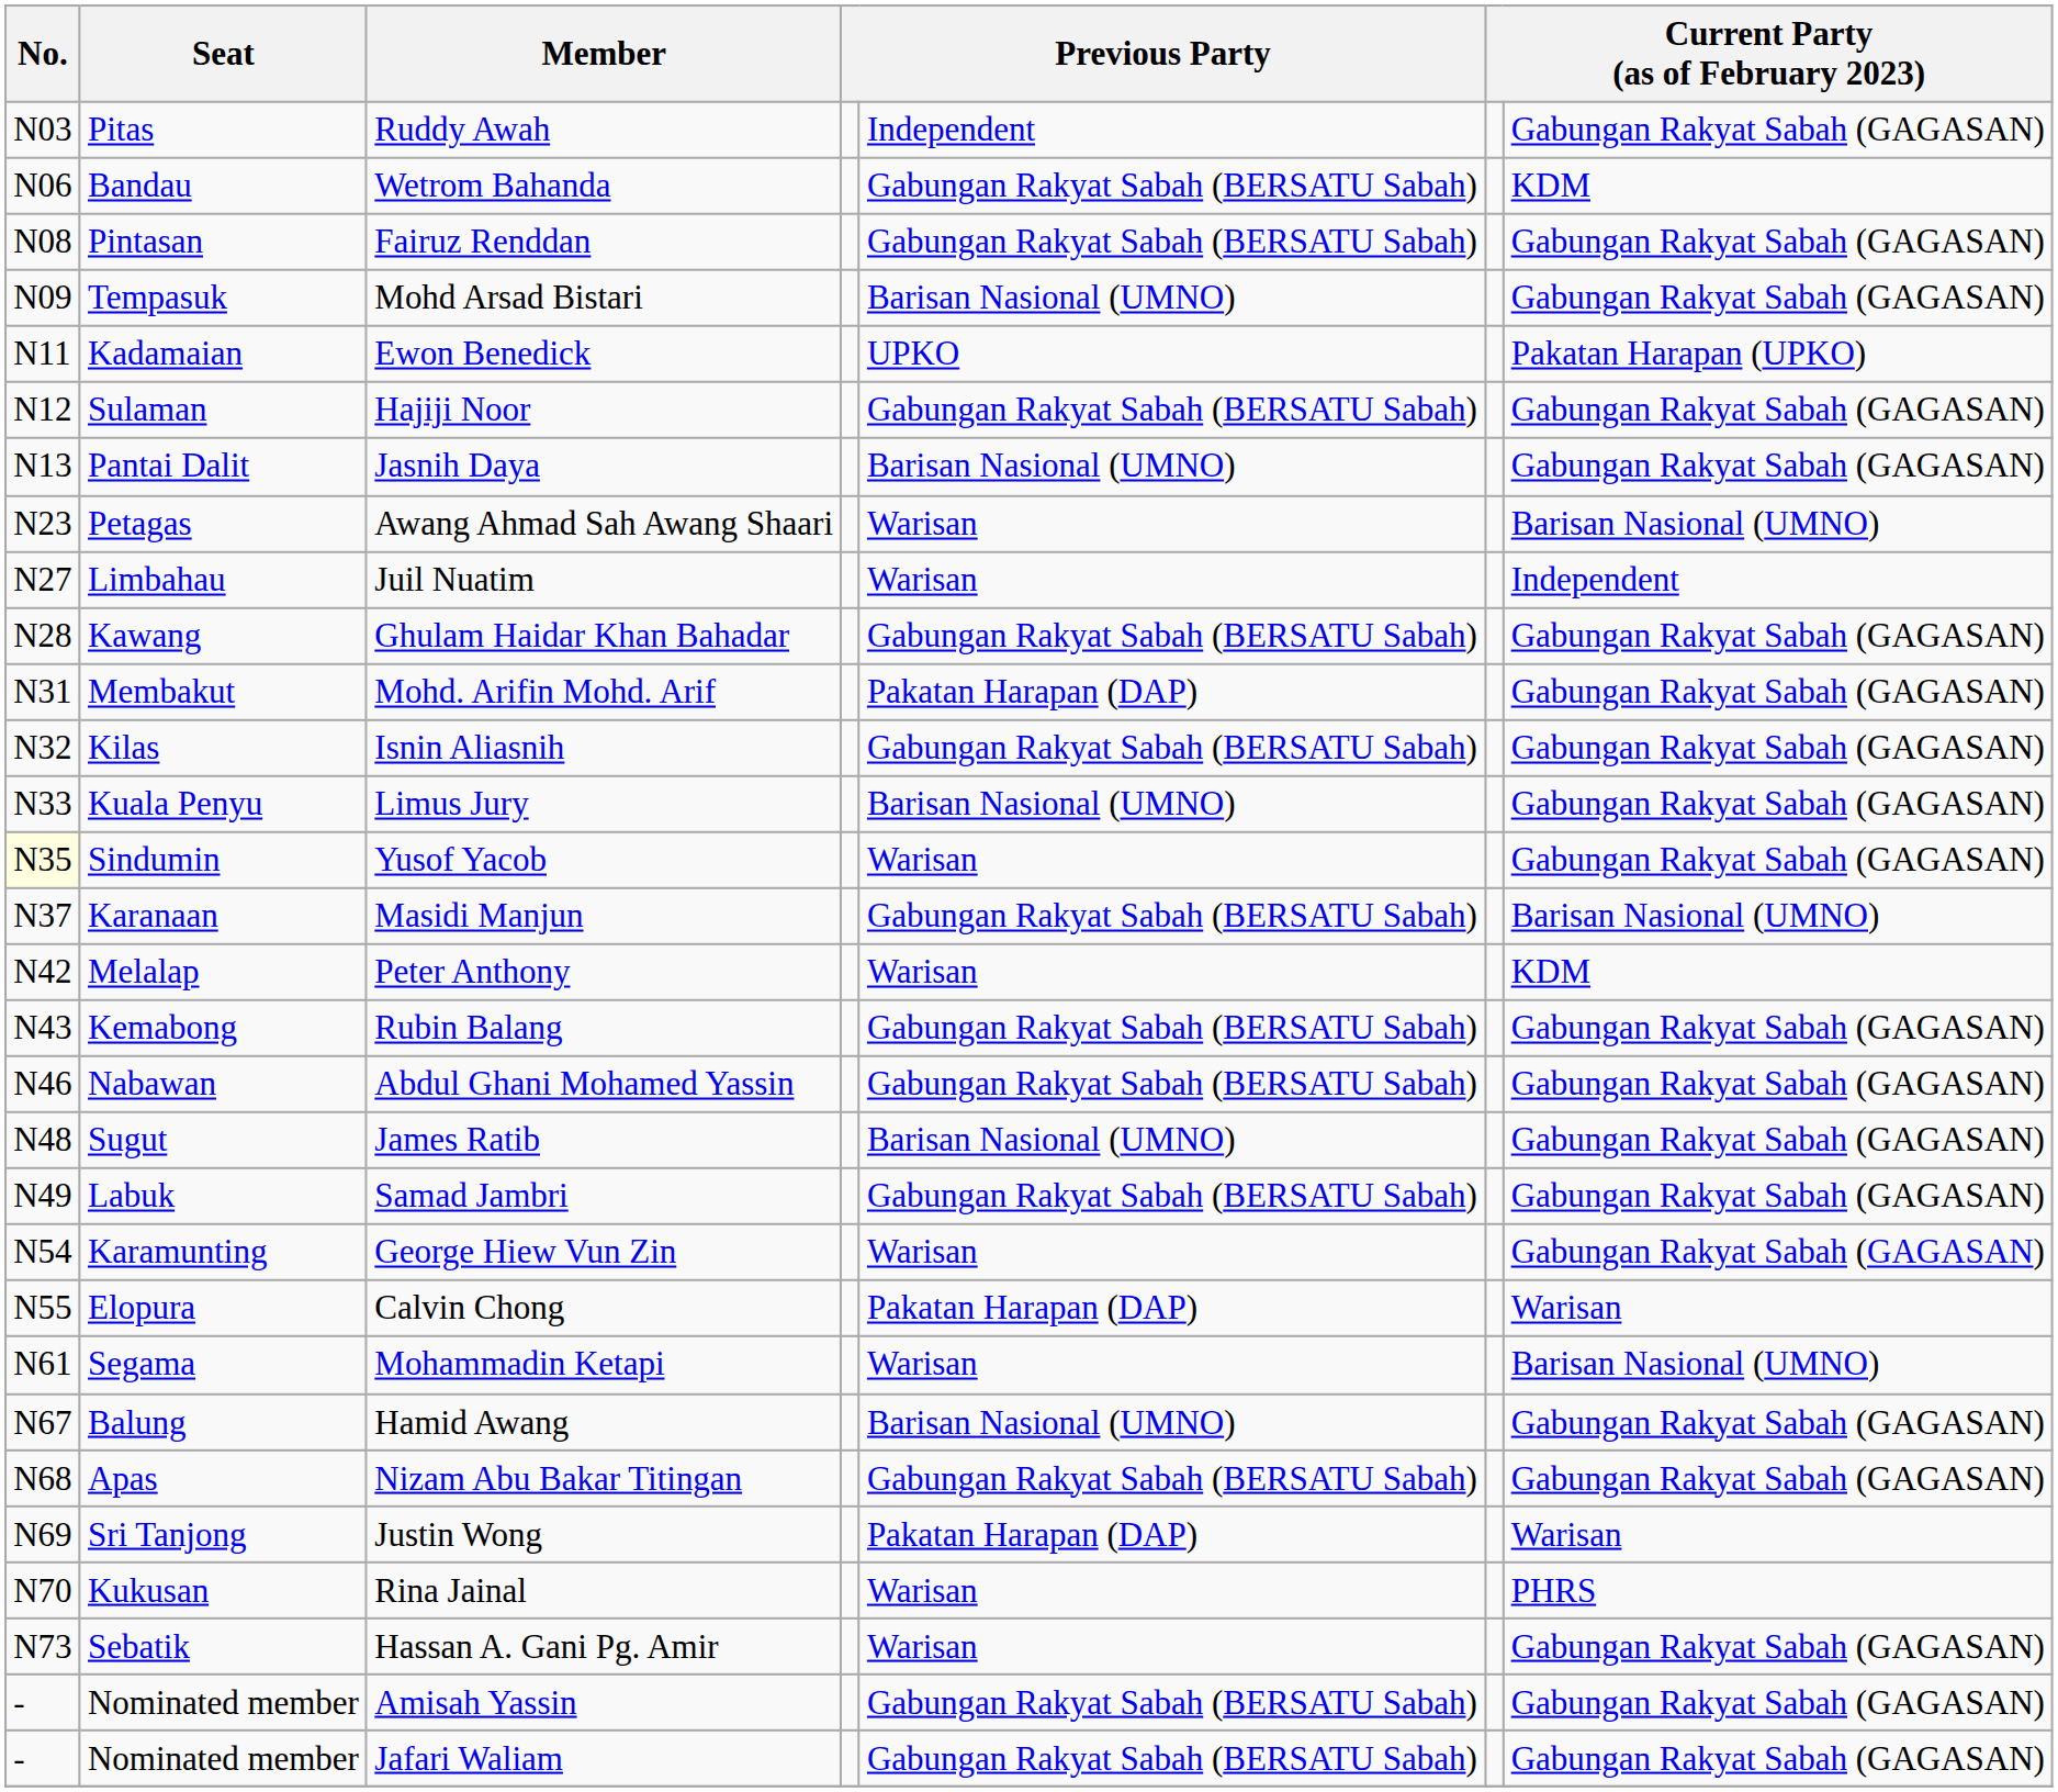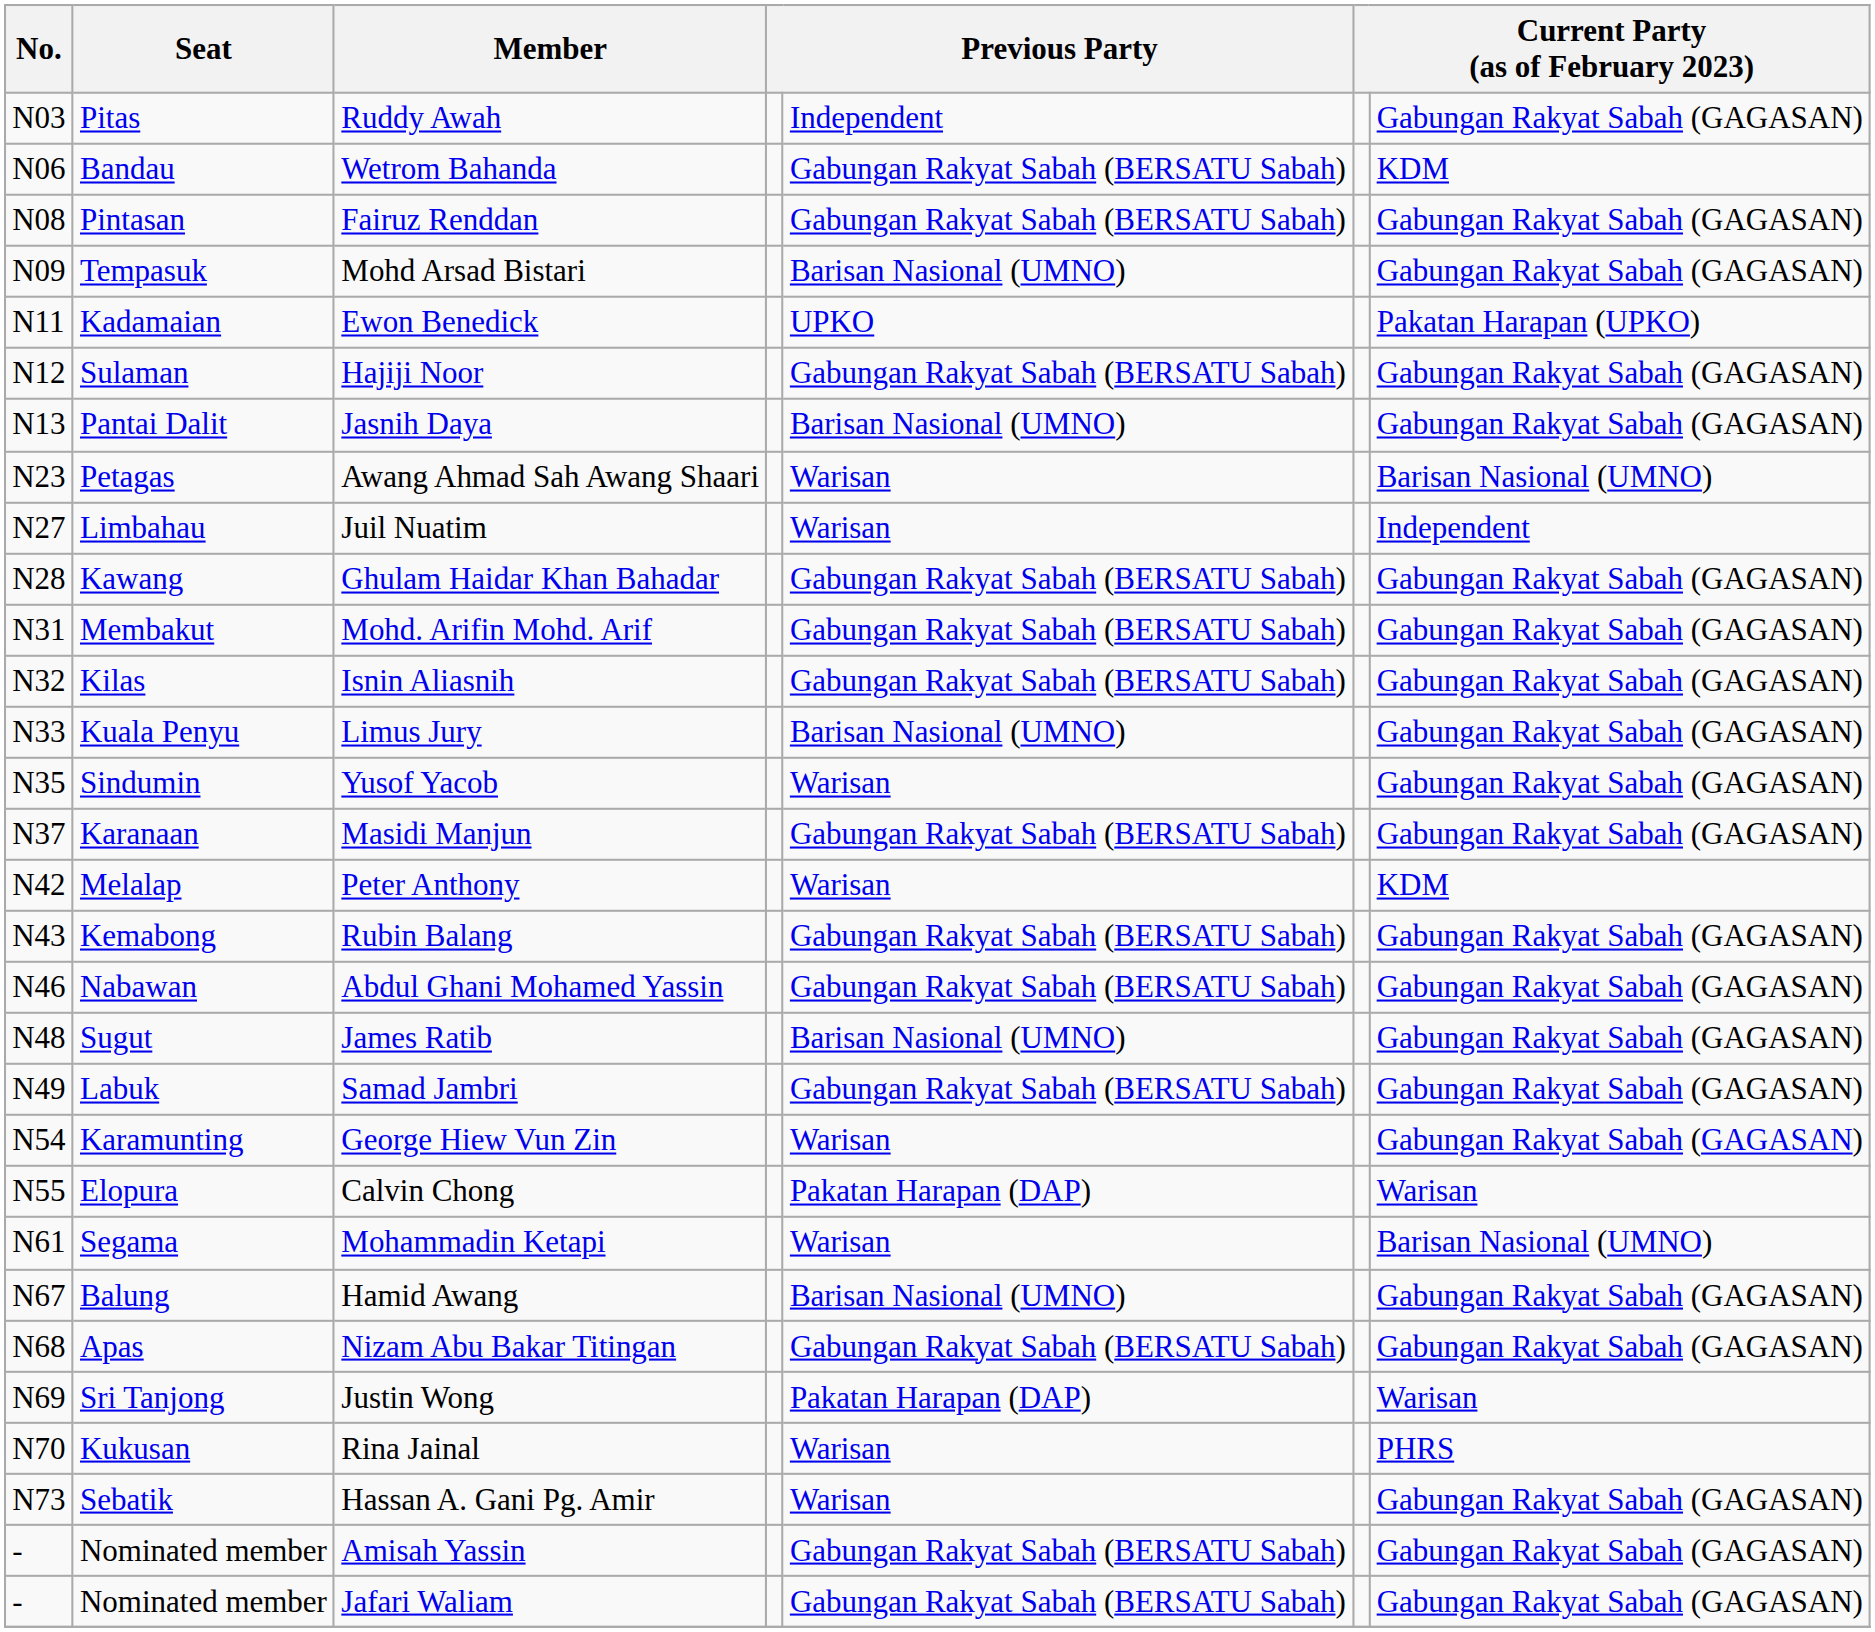 <table class="wikitable sortable mw-collapsible mw-collapsed" style="font-size:95%;">
 <tr>
 <th scope="col">No.</th>
 <th scope="col">Seat</th>
 <th scope="col">Member</th>
 <th colspan="2" scope="col">Previous Party</th>
 <th colspan="2" scope="col">Current Party<br>(as of February 2023)</th>
 </tr>
 <tr>
 <td>N03</td>
 <td><a href='#'>Pitas</a></td>
 <td><a href='#'>Ruddy Awah</a></td>
 <td width="1"></td>
 <td><a href='#'>Independent</a></td>
 <td width="1"></td>
 <td><a href='#'>Gabungan Rakyat Sabah</a> (GAGASAN)</td>
 </tr>
 <tr>
 <td>N06</td>
 <td><a href='#'>Bandau</a></td>
 <td><a href='#'>Wetrom Bahanda</a></td>
 <td width="1"></td>
 <td><a href='#'>Gabungan Rakyat Sabah</a> (<a href='#'>BERSATU Sabah</a>)</td>
 <td width="1"></td>
 <td><a href='#'>KDM</a></td>
 </tr>
 <tr>
 <td>N08</td>
 <td><a href='#'>Pintasan</a></td>
 <td><a href='#'>Fairuz Renddan</a></td>
 <td width="1"></td>
 <td><a href='#'>Gabungan Rakyat Sabah</a> (<a href='#'>BERSATU Sabah</a>)</td>
 <td width="1"></td>
 <td><a href='#'>Gabungan Rakyat Sabah</a> (GAGASAN)</td>
 </tr>
 <tr>
 <td>N09</td>
 <td><a href='#'>Tempasuk</a></td>
 <td>Mohd Arsad Bistari</td>
 <td width="1"></td>
 <td><a href='#'>Barisan Nasional</a> (<a href='#'>UMNO</a>)</td>
 <td width="1"></td>
 <td><a href='#'>Gabungan Rakyat Sabah</a> (GAGASAN)</td>
 </tr>
 <tr>
 <td>N11</td>
 <td><a href='#'>Kadamaian</a></td>
 <td><a href='#'>Ewon Benedick</a></td>
 <td width="1"></td>
 <td><a href='#'>UPKO</a></td>
 <td width="1"></td>
 <td><a href='#'>Pakatan Harapan</a> (<a href='#'>UPKO</a>)</td>
 </tr>
 <tr>
 <td>N12</td>
 <td><a href='#'>Sulaman</a></td>
 <td><a href='#'>Hajiji Noor</a></td>
 <td width="1"></td>
 <td><a href='#'>Gabungan Rakyat Sabah</a> (<a href='#'>BERSATU Sabah</a>)</td>
 <td width="1"></td>
 <td><a href='#'>Gabungan Rakyat Sabah</a> (GAGASAN)</td>
 </tr>
 <tr>
 <td>N13</td>
 <td><a href='#'>Pantai Dalit</a></td>
 <td><a href='#'>Jasnih Daya</a></td>
 <td width="1"></td>
 <td><a href='#'>Barisan Nasional</a> (<a href='#'>UMNO</a>)</td>
 <td width="1"></td>
 <td><a href='#'>Gabungan Rakyat Sabah</a> (GAGASAN)</td>
 </tr>
 <tr>
 <td>N23</td>
 <td><a href='#'>Petagas</a></td>
 <td>Awang Ahmad Sah Awang Shaari</td>
 <td width="1"></td>
 <td><a href='#'>Warisan</a></td>
 <td width="1"></td>
 <td><a href='#'>Barisan Nasional</a> (<a href='#'>UMNO</a>)</td>
 </tr>
 <tr>
 <td>N27</td>
 <td><a href='#'>Limbahau</a></td>
 <td>Juil Nuatim</td>
 <td width="1"></td>
 <td><a href='#'>Warisan</a></td>
 <td width="1"></td>
 <td><a href='#'>Independent</a></td>
 </tr>
 <tr>
 <td>N28</td>
 <td><a href='#'>Kawang</a></td>
 <td><a href='#'>Ghulam Haidar Khan Bahadar</a></td>
 <td width="1"></td>
 <td><a href='#'>Gabungan Rakyat Sabah</a> (<a href='#'>BERSATU Sabah</a>)</td>
 <td width="1"></td>
 <td><a href='#'>Gabungan Rakyat Sabah</a> (GAGASAN)</td>
 </tr>
 <tr>
 <td>N31</td>
 <td><a href='#'>Membakut</a></td>
 <td><a href='#'>Mohd. Arifin Mohd. Arif</a></td>
 <td width="1"></td>
-<td><a href='#'>Pakatan Harapan</a> (<a href='#'>DAP</a>)</td>
+<td><a href='#'>Gabungan Rakyat Sabah</a> (<a href='#'>BERSATU Sabah</a>)</td>
 <td width="1"></td>
 <td><a href='#'>Gabungan Rakyat Sabah</a> (GAGASAN)</td>
 </tr>
 <tr>
 <td>N32</td>
 <td><a href='#'>Kilas</a></td>
 <td><a href='#'>Isnin Aliasnih</a></td>
 <td width="1"></td>
 <td><a href='#'>Gabungan Rakyat Sabah</a> (<a href='#'>BERSATU Sabah</a>)</td>
 <td width="1"></td>
 <td><a href='#'>Gabungan Rakyat Sabah</a> (GAGASAN)</td>
 </tr>
 <tr>
 <td>N33</td>
 <td><a href='#'>Kuala Penyu</a></td>
 <td><a href='#'>Limus Jury</a></td>
 <td width="1"></td>
 <td><a href='#'>Barisan Nasional</a> (<a href='#'>UMNO</a>)</td>
 <td width="1"></td>
 <td><a href='#'>Gabungan Rakyat Sabah</a> (GAGASAN)</td>
 </tr>
 <tr>
-<td style="background: lightyellow;">N35</td>
+<td>N35</td>
 <td><a href='#'>Sindumin</a></td>
 <td><a href='#'>Yusof Yacob</a></td>
 <td width="1"></td>
 <td><a href='#'>Warisan</a></td>
 <td width="1"></td>
 <td><a href='#'>Gabungan Rakyat Sabah</a> (GAGASAN)</td>
 </tr>
 <tr>
 <td>N37</td>
 <td><a href='#'>Karanaan</a></td>
 <td><a href='#'>Masidi Manjun</a></td>
 <td width="1"></td>
 <td><a href='#'>Gabungan Rakyat Sabah</a> (<a href='#'>BERSATU Sabah</a>)</td>
 <td width="1"></td>
-<td><a href='#'>Barisan Nasional</a> (<a href='#'>UMNO</a>)</td>
+<td><a href='#'>Gabungan Rakyat Sabah</a> (GAGASAN)</td>
 </tr>
 <tr>
 <td>N42</td>
 <td><a href='#'>Melalap</a></td>
 <td><a href='#'>Peter Anthony</a></td>
 <td width="1"></td>
 <td><a href='#'>Warisan</a></td>
 <td width="1"></td>
 <td><a href='#'>KDM</a></td>
 </tr>
 <tr>
 <td>N43</td>
 <td><a href='#'>Kemabong</a></td>
 <td><a href='#'>Rubin Balang</a></td>
 <td width="1"></td>
 <td><a href='#'>Gabungan Rakyat Sabah</a> (<a href='#'>BERSATU Sabah</a>)</td>
 <td width="1"></td>
 <td><a href='#'>Gabungan Rakyat Sabah</a> (GAGASAN)</td>
 </tr>
 <tr>
 <td>N46</td>
 <td><a href='#'>Nabawan</a></td>
 <td><a href='#'>Abdul Ghani Mohamed Yassin</a></td>
 <td width="1"></td>
 <td><a href='#'>Gabungan Rakyat Sabah</a> (<a href='#'>BERSATU Sabah</a>)</td>
 <td width="1"></td>
 <td><a href='#'>Gabungan Rakyat Sabah</a> (GAGASAN)</td>
 </tr>
 <tr>
 <td>N48</td>
 <td><a href='#'>Sugut</a></td>
 <td><a href='#'>James Ratib</a></td>
 <td width="1"></td>
 <td><a href='#'>Barisan Nasional</a> (<a href='#'>UMNO</a>)</td>
 <td width="1"></td>
 <td><a href='#'>Gabungan Rakyat Sabah</a> (GAGASAN)</td>
 </tr>
 <tr>
 <td>N49</td>
 <td><a href='#'>Labuk</a></td>
 <td><a href='#'>Samad Jambri</a></td>
 <td width="1"></td>
 <td><a href='#'>Gabungan Rakyat Sabah</a> (<a href='#'>BERSATU Sabah</a>)</td>
 <td width="1"></td>
 <td><a href='#'>Gabungan Rakyat Sabah</a> (GAGASAN)</td>
 </tr>
 <tr>
 <td>N54</td>
 <td><a href='#'>Karamunting</a></td>
 <td><a href='#'>George Hiew Vun Zin</a></td>
 <td width="1"></td>
 <td><a href='#'>Warisan</a></td>
 <td width="1"></td>
 <td><a href='#'>Gabungan Rakyat Sabah</a> (<a href='#'>GAGASAN</a>)</td>
 </tr>
 <tr>
 <td>N55</td>
 <td><a href='#'>Elopura</a></td>
 <td>Calvin Chong</td>
 <td width="1"></td>
 <td><a href='#'>Pakatan Harapan</a> (<a href='#'>DAP</a>)</td>
 <td width="1"></td>
 <td><a href='#'>Warisan</a></td>
 </tr>
 <tr>
 <td>N61</td>
 <td><a href='#'>Segama</a></td>
 <td><a href='#'>Mohammadin Ketapi</a></td>
 <td width="1"></td>
 <td><a href='#'>Warisan</a></td>
 <td width="1"></td>
 <td><a href='#'>Barisan Nasional</a> (<a href='#'>UMNO</a>)</td>
 </tr>
 <tr>
 <td>N67</td>
 <td><a href='#'>Balung</a></td>
 <td>Hamid Awang</td>
 <td width="1"></td>
 <td><a href='#'>Barisan Nasional</a> (<a href='#'>UMNO</a>)</td>
 <td width="1"></td>
 <td><a href='#'>Gabungan Rakyat Sabah</a> (GAGASAN)</td>
 </tr>
 <tr>
 <td>N68</td>
 <td><a href='#'>Apas</a></td>
 <td><a href='#'>Nizam Abu Bakar Titingan</a></td>
 <td width="1"></td>
 <td><a href='#'>Gabungan Rakyat Sabah</a> (<a href='#'>BERSATU Sabah</a>)</td>
 <td width="1"></td>
 <td><a href='#'>Gabungan Rakyat Sabah</a> (GAGASAN)</td>
 </tr>
 <tr>
 <td>N69</td>
 <td><a href='#'>Sri Tanjong</a></td>
 <td>Justin Wong</td>
 <td width="1"></td>
 <td><a href='#'>Pakatan Harapan</a> (<a href='#'>DAP</a>)</td>
 <td width="1"></td>
 <td><a href='#'>Warisan</a></td>
 </tr>
 <tr>
 <td>N70</td>
 <td><a href='#'>Kukusan</a></td>
 <td>Rina Jainal</td>
 <td></td>
 <td><a href='#'>Warisan</a></td>
 <td width="1"></td>
 <td><a href='#'>PHRS</a></td>
 </tr>
 <tr>
 <td>N73</td>
 <td><a href='#'>Sebatik</a></td>
 <td>Hassan A. Gani Pg. Amir</td>
 <td width="1"></td>
 <td><a href='#'>Warisan</a></td>
 <td width="1"></td>
 <td><a href='#'>Gabungan Rakyat Sabah</a> (GAGASAN)</td>
 </tr>
 <tr>
 <td>-</td>
 <td>Nominated member</td>
 <td><a href='#'>Amisah Yassin</a></td>
 <td width="1"></td>
 <td><a href='#'>Gabungan Rakyat Sabah</a> (<a href='#'>BERSATU Sabah</a>)</td>
 <td width="1"></td>
 <td><a href='#'>Gabungan Rakyat Sabah</a> (GAGASAN)</td>
 </tr>
 <tr>
 <td>-</td>
 <td>Nominated member</td>
 <td><a href='#'>Jafari Waliam</a></td>
 <td width="1"></td>
 <td><a href='#'>Gabungan Rakyat Sabah</a> (<a href='#'>BERSATU Sabah</a>)</td>
 <td width="1"></td>
 <td><a href='#'>Gabungan Rakyat Sabah</a> (GAGASAN)</td>
 </tr>
 <tr>
 </tr>
 </table>
